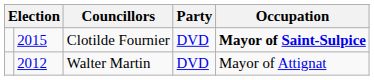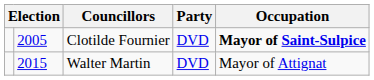 <table class="wikitable">
 <tr>
 <th colspan="2">Election</th>
 <th>Councillors</th>
 <th>Party</th>
 <th>Occupation</th>
 </tr>
 <tr>
 <td style="background-color: "></td>
-<td><a href='#'>2015</a></td>
+<td><a href='#'>2005</a></td>
 <td>Clotilde Fournier</td>
 <td><a href='#'>DVD</a></td>
 <td><strong>Mayor of <a href='#'>Saint-Sulpice</a></strong></td>
 </tr>
 <tr>
 <td style="background-color: "></td>
-<td><a href='#'>2012</a></td>
+<td><a href='#'>2015</a></td>
 <td>Walter Martin</td>
 <td><a href='#'>DVD</a></td>
 <td>Mayor of <a href='#'>Attignat</a></td>
 </tr>
 </table>
